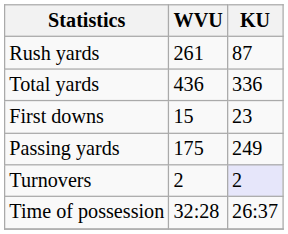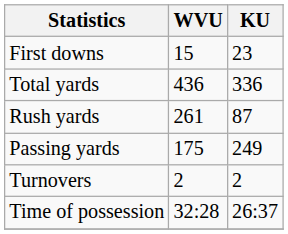 <table class="wikitable" style="float: left;">
 <tr>
 <th>Statistics</th>
 <th>WVU</th>
 <th>KU</th>
 </tr>
 <tr>
-<td>Rush yards</td>
-<td>261</td>
-<td>87</td>
+<td>First downs</td>
+<td>15</td>
+<td>23</td>
 </tr>
 <tr>
 <td>Total yards</td>
 <td>436</td>
 <td>336</td>
 </tr>
 <tr>
-<td>First downs</td>
-<td>15</td>
-<td>23</td>
+<td>Rush yards</td>
+<td>261</td>
+<td>87</td>
 </tr>
 <tr>
 <td>Passing yards</td>
 <td>175</td>
 <td>249</td>
 </tr>
 <tr>
 <td>Turnovers</td>
 <td>2</td>
-<td style="background: lavender;">2</td>
+<td>2</td>
 </tr>
 <tr>
 <td>Time of possession</td>
 <td>32:28</td>
 <td>26:37</td>
 </tr>
 <tr>
 </tr>
 </table>
